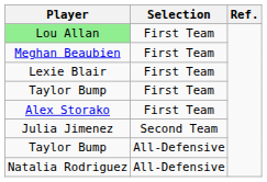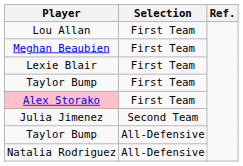 <table class="wikitable sortable sortable" style="text-align: center">
 <tr align=center>
 <th>Player</th>
 <th>Selection</th>
 <th>Ref.</th>
 </tr>
 <tr>
-<td style="background: lightgreen;">Lou Allan</td>
+<td>Lou Allan</td>
 <td>First Team</td>
 <td rowspan="8"></td>
 </tr>
 <tr>
 <td><a href='#'>Meghan Beaubien</a></td>
 <td>First Team</td>
 </tr>
 <tr>
 <td>Lexie Blair</td>
 <td>First Team</td>
 </tr>
 <tr>
 <td>Taylor Bump</td>
 <td>First Team</td>
 </tr>
 <tr>
-<td><a href='#'>Alex Storako</a></td>
+<td style="background: pink;"><a href='#'>Alex Storako</a></td>
 <td>First Team</td>
 </tr>
 <tr>
 <td>Julia Jimenez</td>
 <td>Second Team</td>
 </tr>
 <tr>
 <td>Taylor Bump</td>
 <td>All-Defensive</td>
 </tr>
 <tr>
 <td>Natalia Rodriguez</td>
 <td>All-Defensive</td>
 </tr>
 </table>
